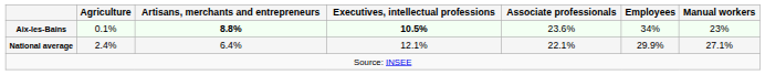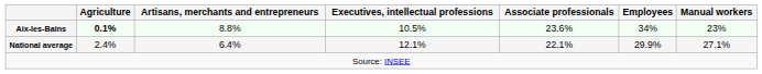 <table class="wikitable" style="margin:1em auto; font-size:90%;width:90%;border:0px;text-align:center;line-height:120%;">
 <tr>
 <th style="background: #F5F5F5; color: #000000" width="100"></th>
 <th style="background: #F5F5F5; color:#000000;">Agriculture</th>
 <th style="background: #F5F5F5; color:#000000;">Artisans, merchants and entrepreneurs</th>
 <th style="background: #F5F5F5; color:#000000;">Executives, intellectual professions</th>
 <th style="background: #F5F5F5; color:#000000;">Associate professionals</th>
 <th style="background: #F5F5F5; color:#000000;">Employees</th>
 <th style="background: #F5F5F5; color:#000000;">Manual workers</th>
 </tr>
 <tr>
 <th style="background: #F5F5F5; color:#000000;"><small>Aix-les-Bains</small></th>
-<td style="background: #F3FFF3; color:#000000;">0.1%</td>
-<td style="background: #F3FFF3; color:#000000;"><strong>8.8%</strong></td>
-<td style="background: #F3FFF3; color:#000000;"><strong>10.5%</strong></td>
+<td style="background: #F3FFF3; color:#000000;"><strong>0.1%</strong></td>
+<td style="background: #F3FFF3; color:#000000;">8.8%</td>
+<td style="background: #F3FFF3; color:#000000;">10.5%</td>
 <td style="background: #F3FFF3; color:#000000;">23.6%</td>
 <td style="background: #F3FFF3; color:#000000;">34%</td>
 <td style="background: #F3FFF3; color:#000000;">23%</td>
 </tr>
 <tr>
 <th style="background: #F5F5F5; color:#000000;" height="16;"><small>National average</small></th>
 <td style="background: #F5F5F5; color: black;">2.4%</td>
 <td style="background: #F5F5F5; color: black;">6.4%</td>
 <td style="background: #F5F5F5; color: black;">12.1%</td>
 <td style="background: #F5F5F5; color: black;">22.1%</td>
 <td style="background: #F5F5F5; color: black;">29.9%</td>
 <td style="background: #F5F5F5; color: black;">27.1%</td>
 </tr>
 <tr>
 <td colspan="7" style="text-align:center;font-size:90%;">Source: <a href='#'>INSEE</a></td>
 </tr>
 </table>
